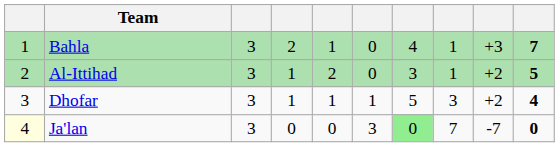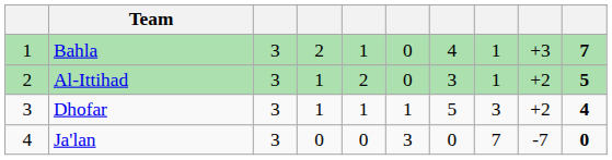 <table class="wikitable" style="text-align: center;">
 <tr>
 <th width=30></th>
 <th width=165>Team</th>
 <th width=30></th>
 <th width=30></th>
 <th width=30></th>
 <th width=30></th>
 <th width=30></th>
 <th width=30></th>
 <th width=30></th>
 <th width=30></th>
 </tr>
 <tr bgcolor=#ACE1AF>
 <td>1</td>
 <td align=left><a href='#'>Bahla</a></td>
 <td>3</td>
 <td>2</td>
 <td>1</td>
 <td>0</td>
 <td>4</td>
 <td>1</td>
 <td>+3</td>
 <td><strong>7</strong></td>
 </tr>
 <tr bgcolor=#ACE1AF>
 <td>2</td>
 <td align=left><a href='#'>Al-Ittihad</a></td>
 <td>3</td>
 <td>1</td>
 <td>2</td>
 <td>0</td>
 <td>3</td>
 <td>1</td>
 <td>+2</td>
 <td><strong>5</strong></td>
 </tr>
 <tr>
 <td>3</td>
 <td align=left><a href='#'>Dhofar</a></td>
 <td>3</td>
 <td>1</td>
 <td>1</td>
 <td>1</td>
 <td>5</td>
 <td>3</td>
 <td>+2</td>
 <td><strong>4</strong></td>
 </tr>
 <tr>
-<td style="background: lightyellow;">4</td>
+<td>4</td>
 <td align=left><a href='#'>Ja'lan</a></td>
 <td>3</td>
 <td>0</td>
 <td>0</td>
 <td>3</td>
-<td style="background: lightgreen;">0</td>
+<td>0</td>
 <td>7</td>
 <td>-7</td>
 <td><strong>0</strong></td>
 </tr>
 </table>
